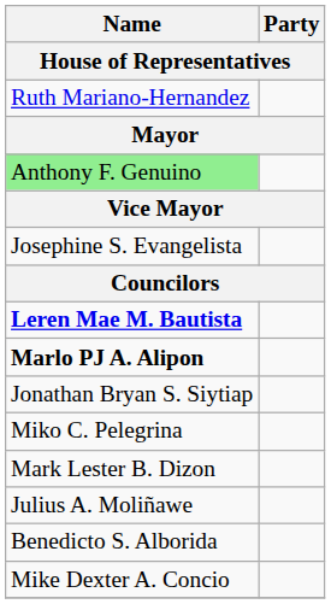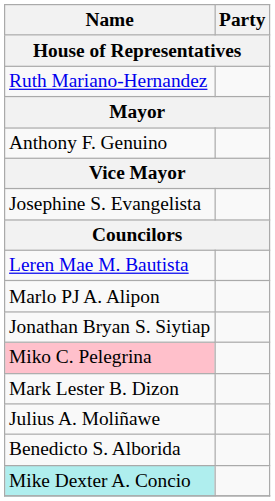 <table class=wikitable>
 <tr>
 <th>Name</th>
 <th colspan="2">Party</th>
 </tr>
 <tr>
 <th colspan="3">House of Representatives</th>
 </tr>
 <tr>
 <td><a href='#'>Ruth Mariano-Hernandez</a></td>
 <td></td>
 </tr>
 <tr>
 <th colspan="3">Mayor</th>
 </tr>
 <tr>
-<td style="background: lightgreen;">Anthony F. Genuino</td>
+<td>Anthony F. Genuino</td>
 <td></td>
 </tr>
 <tr>
 <th colspan="3">Vice Mayor</th>
 </tr>
 <tr>
 <td>Josephine S. Evangelista</td>
 <td></td>
 </tr>
 <tr>
 <th colspan="3">Councilors</th>
 </tr>
 <tr>
-<td><strong><a href='#'>Leren Mae M. Bautista</a></strong></td>
+<td><a href='#'>Leren Mae M. Bautista</a></td>
 <td></td>
 </tr>
 <tr>
-<td><strong>Marlo PJ A. Alipon</strong></td>
+<td>Marlo PJ A. Alipon</td>
 <td></td>
 </tr>
 <tr>
 <td>Jonathan Bryan S. Siytiap</td>
 <td></td>
 </tr>
 <tr>
-<td>Miko C. Pelegrina</td>
+<td style="background: pink;">Miko C. Pelegrina</td>
 <td></td>
 </tr>
 <tr>
 <td>Mark Lester B. Dizon</td>
 <td></td>
 </tr>
 <tr>
 <td>Julius A. Moliñawe</td>
 <td></td>
 </tr>
 <tr>
 <td>Benedicto S. Alborida</td>
 <td></td>
 </tr>
 <tr>
-<td>Mike Dexter A. Concio</td>
+<td style="background: paleturquoise;">Mike Dexter A. Concio</td>
 <td></td>
 </tr>
 <tr>
 </tr>
 </table>
